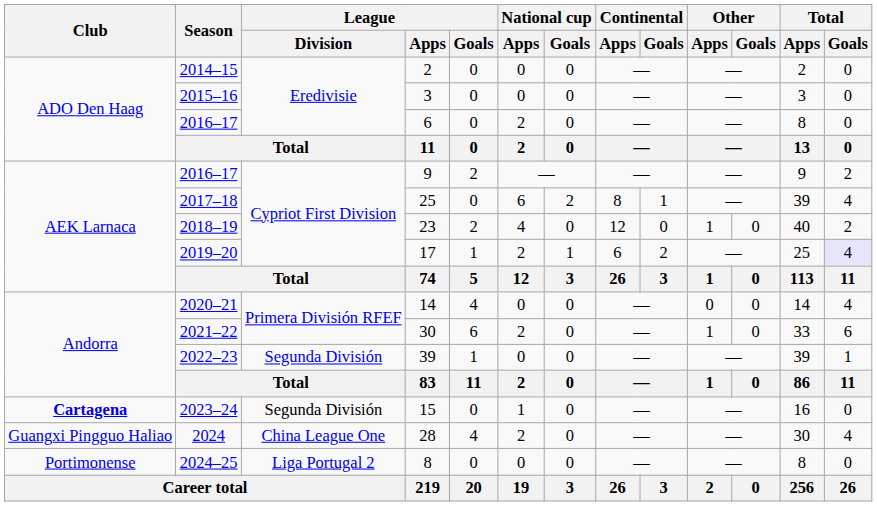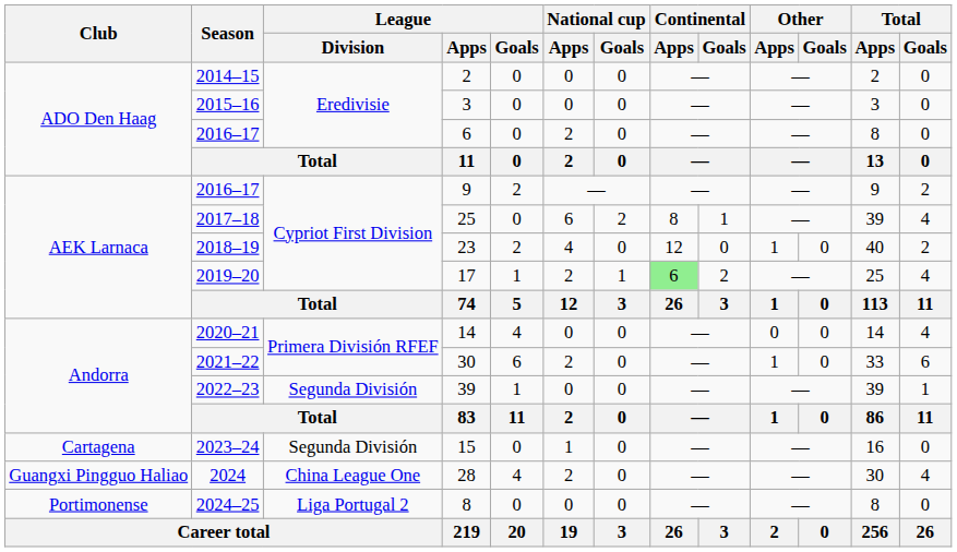 <table class="wikitable"; style="text-align: center">
 <tr>
 <th rowspan="2">Club</th>
 <th rowspan="2">Season</th>
 <th colspan="3">League</th>
 <th colspan="2">National cup</th>
 <th colspan="2">Continental</th>
 <th colspan="2">Other</th>
 <th colspan="2">Total</th>
 </tr>
 <tr>
 <th>Division</th>
 <th>Apps</th>
 <th>Goals</th>
 <th>Apps</th>
 <th>Goals</th>
 <th>Apps</th>
 <th>Goals</th>
 <th>Apps</th>
 <th>Goals</th>
 <th>Apps</th>
 <th>Goals</th>
 </tr>
 <tr>
 <td rowspan="4"><a href='#'>ADO Den Haag</a></td>
 <td><a href='#'>2014–15</a></td>
 <td rowspan="3"><a href='#'>Eredivisie</a></td>
 <td>2</td>
 <td>0</td>
 <td>0</td>
 <td>0</td>
 <td colspan="2">—</td>
 <td colspan="2">—</td>
 <td>2</td>
 <td>0</td>
 </tr>
 <tr>
 <td><a href='#'>2015–16</a></td>
 <td>3</td>
 <td>0</td>
 <td>0</td>
 <td>0</td>
 <td colspan="2">—</td>
 <td colspan="2">—</td>
 <td>3</td>
 <td>0</td>
 </tr>
 <tr>
 <td><a href='#'>2016–17</a></td>
 <td>6</td>
 <td>0</td>
 <td>2</td>
 <td>0</td>
 <td colspan="2">—</td>
 <td colspan="2">—</td>
 <td>8</td>
 <td>0</td>
 </tr>
 <tr>
 <th colspan="2">Total</th>
 <th>11</th>
 <th>0</th>
 <th>2</th>
 <th>0</th>
 <th colspan="2">—</th>
 <th colspan="2">—</th>
 <th>13</th>
 <th>0</th>
 </tr>
 <tr>
 <td rowspan="5"><a href='#'>AEK Larnaca</a></td>
 <td><a href='#'>2016–17</a></td>
 <td rowspan="4"><a href='#'>Cypriot First Division</a></td>
 <td>9</td>
 <td>2</td>
 <td colspan="2">—</td>
 <td colspan="2">—</td>
 <td colspan="2">—</td>
 <td>9</td>
 <td>2</td>
 </tr>
 <tr>
 <td><a href='#'>2017–18</a></td>
 <td>25</td>
 <td>0</td>
 <td>6</td>
 <td>2</td>
 <td>8</td>
 <td>1</td>
 <td colspan="2">—</td>
 <td>39</td>
 <td>4</td>
 </tr>
 <tr>
 <td><a href='#'>2018–19</a></td>
 <td>23</td>
 <td>2</td>
 <td>4</td>
 <td>0</td>
 <td>12</td>
 <td>0</td>
 <td>1</td>
 <td>0</td>
 <td>40</td>
 <td>2</td>
 </tr>
 <tr>
 <td><a href='#'>2019–20</a></td>
 <td>17</td>
 <td>1</td>
 <td>2</td>
 <td>1</td>
-<td>6</td>
+<td style="background: lightgreen;">6</td>
 <td>2</td>
 <td colspan="2">—</td>
 <td>25</td>
-<td style="background: lavender;">4</td>
+<td>4</td>
 </tr>
 <tr>
 <th colspan="2">Total</th>
 <th>74</th>
 <th>5</th>
 <th>12</th>
 <th>3</th>
 <th>26</th>
 <th>3</th>
 <th>1</th>
 <th>0</th>
 <th>113</th>
 <th>11</th>
 </tr>
 <tr>
 <td rowspan="4"><a href='#'>Andorra</a></td>
 <td><a href='#'>2020–21</a></td>
 <td rowspan="2"><a href='#'>Primera División RFEF</a></td>
 <td>14</td>
 <td>4</td>
 <td>0</td>
 <td>0</td>
 <td colspan="2">—</td>
 <td>0</td>
 <td>0</td>
 <td>14</td>
 <td>4</td>
 </tr>
 <tr>
 <td><a href='#'>2021–22</a></td>
 <td>30</td>
 <td>6</td>
 <td>2</td>
 <td>0</td>
 <td colspan="2">—</td>
 <td>1</td>
 <td>0</td>
 <td>33</td>
 <td>6</td>
 </tr>
 <tr>
 <td><a href='#'>2022–23</a></td>
 <td><a href='#'>Segunda División</a></td>
 <td>39</td>
 <td>1</td>
 <td>0</td>
 <td>0</td>
 <td colspan="2">—</td>
 <td colspan="2">—</td>
 <td>39</td>
 <td>1</td>
 </tr>
 <tr>
 <th colspan="2">Total</th>
 <th>83</th>
 <th>11</th>
 <th>2</th>
 <th>0</th>
 <th colspan="2">—</th>
 <th>1</th>
 <th>0</th>
 <th>86</th>
 <th>11</th>
 </tr>
 <tr>
-<td><strong><a href='#'>Cartagena</a></strong></td>
+<td><a href='#'>Cartagena</a></td>
 <td><a href='#'>2023–24</a></td>
 <td>Segunda División</td>
 <td>15</td>
 <td>0</td>
 <td>1</td>
 <td>0</td>
 <td colspan="2">—</td>
 <td colspan="2">—</td>
 <td>16</td>
 <td>0</td>
 </tr>
 <tr>
 <td><a href='#'>Guangxi Pingguo Haliao</a></td>
 <td><a href='#'>2024</a></td>
 <td><a href='#'>China League One</a></td>
 <td>28</td>
 <td>4</td>
 <td>2</td>
 <td>0</td>
 <td colspan="2">—</td>
 <td colspan="2">—</td>
 <td>30</td>
 <td>4</td>
 </tr>
 <tr>
 <td><a href='#'>Portimonense</a></td>
 <td><a href='#'>2024–25</a></td>
 <td><a href='#'>Liga Portugal 2</a></td>
 <td>8</td>
 <td>0</td>
 <td>0</td>
 <td>0</td>
 <td colspan="2">—</td>
 <td colspan="2">—</td>
 <td>8</td>
 <td>0</td>
 </tr>
 <tr>
 <th colspan="3">Career total</th>
 <th>219</th>
 <th>20</th>
 <th>19</th>
 <th>3</th>
 <th>26</th>
 <th>3</th>
 <th>2</th>
 <th>0</th>
 <th>256</th>
 <th>26</th>
 </tr>
 </table>
